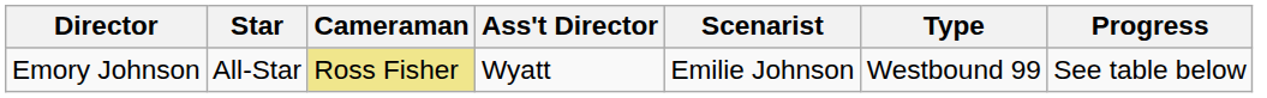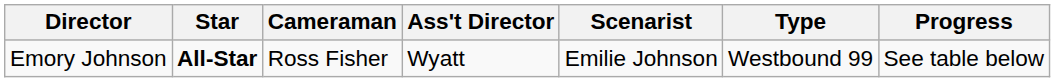 <table class="wikitable" style="margin-right: auto; border: none;">
 <tr>
 <th style=max-width:6em>Director</th>
 <th style=max-width:6em>Star</th>
 <th style=max-width:6em>Cameraman</th>
 <th style=max-width:12em>Ass't Director</th>
 <th style=max-width:6em>Scenarist</th>
 <th style=max-width:6em>Type</th>
 <th style=max-width:6em>Progress</th>
 </tr>
 <tr>
 <td>Emory Johnson</td>
-<td>All-Star</td>
-<td style="background: khaki;">Ross Fisher</td>
+<td><strong>All-Star</strong></td>
+<td>Ross Fisher</td>
 <td>Wyatt</td>
 <td>Emilie Johnson</td>
 <td>Westbound 99</td>
 <td>See table below</td>
 </tr>
 </table>
